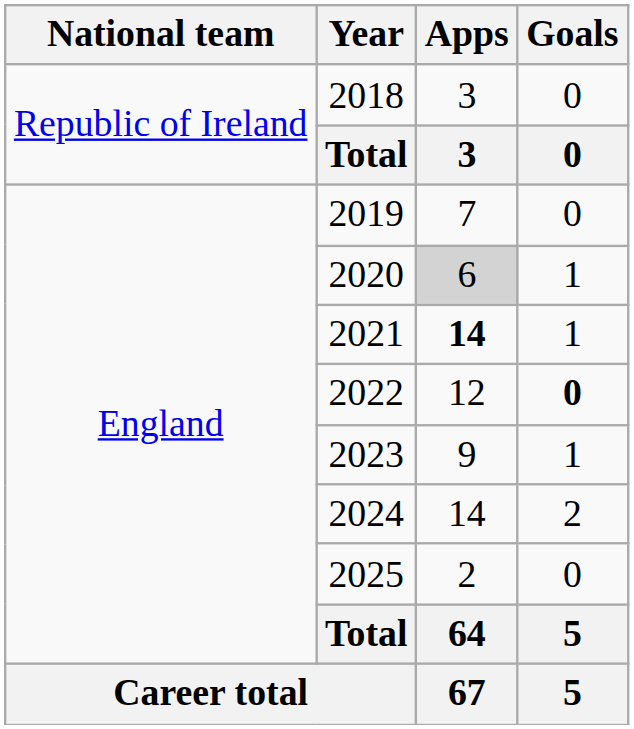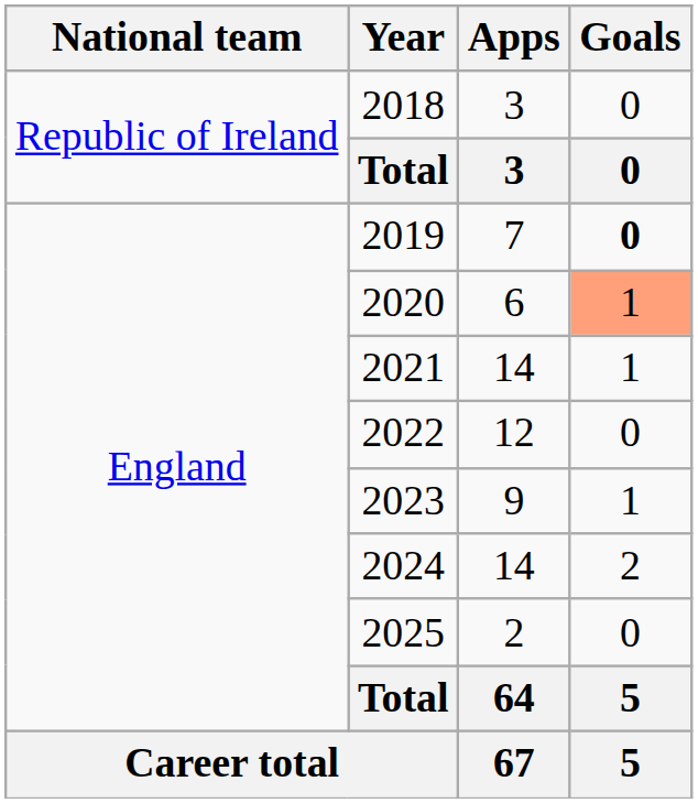 <table class="wikitable" style="text-align: center;">
 <tr>
 <th>National team</th>
 <th>Year</th>
 <th>Apps</th>
 <th>Goals</th>
 </tr>
 <tr>
 <td rowspan="2"><a href='#'>Republic of Ireland</a></td>
 <td>2018</td>
 <td>3</td>
 <td>0</td>
 </tr>
 <tr>
 <th>Total</th>
 <th>3</th>
 <th>0</th>
 </tr>
 <tr>
 <td rowspan="8"><a href='#'>England</a></td>
 <td>2019</td>
 <td>7</td>
-<td>0</td>
+<td><strong>0</strong></td>
 </tr>
 <tr>
 <td>2020</td>
-<td style="background: lightgrey;">6</td>
-<td>1</td>
+<td>6</td>
+<td style="background: lightsalmon;">1</td>
 </tr>
 <tr>
 <td>2021</td>
-<td><strong>14</strong></td>
+<td>14</td>
 <td>1</td>
 </tr>
 <tr>
 <td>2022</td>
 <td>12</td>
-<td><strong>0</strong></td>
+<td>0</td>
 </tr>
 <tr>
 <td>2023</td>
 <td>9</td>
 <td>1</td>
 </tr>
 <tr>
 <td>2024</td>
 <td>14</td>
 <td>2</td>
 </tr>
 <tr>
 <td>2025</td>
 <td>2</td>
 <td>0</td>
 </tr>
 <tr>
 <th>Total</th>
 <th>64</th>
 <th>5</th>
 </tr>
 <tr>
 <th colspan="2">Career total</th>
 <th>67</th>
 <th>5</th>
 </tr>
 </table>
